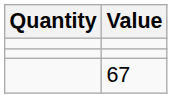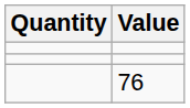 <table class="wikitable">
 <tr>
 <th>Quantity</th>
 <th>Value</th>
 </tr>
 <tr>
 <td></td>
 <td></td>
 </tr>
 <tr>
 <td></td>
 <td></td>
 </tr>
 <tr>
 <td></td>
-<td>67</td>
+<td>76</td>
 </tr>
 </table>
